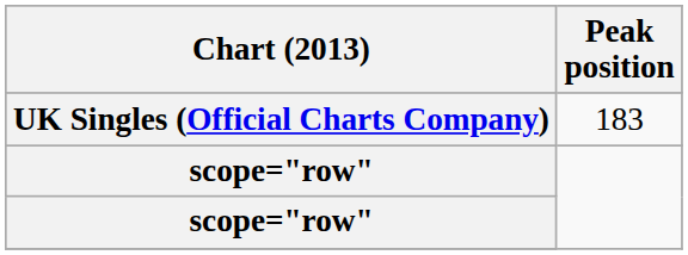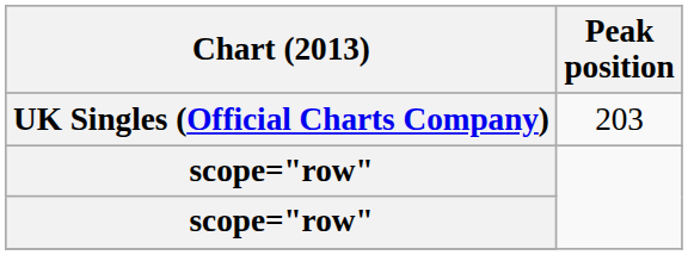 <table class="wikitable sortable plainrowheaders" style="text-align:center;">
 <tr>
 <th scope="col">Chart (2013)</th>
 <th scope="col">Peak<br>position</th>
 </tr>
 <tr>
 <th scope="row">UK Singles (<a href='#'>Official Charts Company</a>)</th>
-<td align=center>183</td>
+<td align=center>203</td>
 </tr>
 <tr>
 <th>scope="row"</th>
 </tr>
 <tr>
 <th>scope="row" </th>
 </tr>
 <tr>
 </tr>
 </table>
